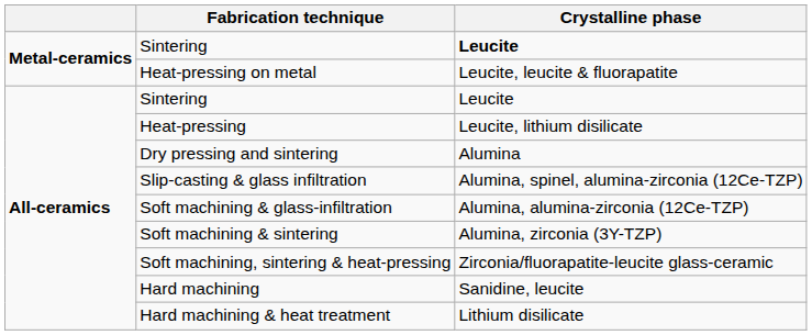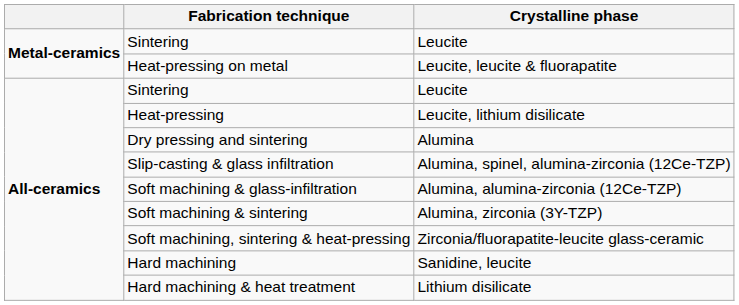 <table class="wikitable">
 <tr>
 <th></th>
 <th>Fabrication technique</th>
 <th>Crystalline phase</th>
 </tr>
 <tr>
 <td rowspan="2"><strong>Metal-ceramics</strong></td>
 <td>Sintering</td>
-<td><strong>Leucite</strong></td>
+<td>Leucite</td>
 </tr>
 <tr>
 <td>Heat-pressing on metal</td>
 <td>Leucite, leucite & fluorapatite</td>
 </tr>
 <tr>
 <td rowspan="9"><strong>All-ceramics</strong></td>
 <td>Sintering</td>
 <td>Leucite</td>
 </tr>
 <tr>
 <td>Heat-pressing</td>
 <td>Leucite, lithium disilicate</td>
 </tr>
 <tr>
 <td>Dry pressing and sintering</td>
 <td>Alumina</td>
 </tr>
 <tr>
 <td>Slip-casting & glass infiltration</td>
 <td>Alumina, spinel, alumina-zirconia (12Ce-TZP)</td>
 </tr>
 <tr>
 <td>Soft machining & glass-infiltration</td>
 <td>Alumina, alumina-zirconia (12Ce-TZP)</td>
 </tr>
 <tr>
 <td>Soft machining & sintering</td>
 <td>Alumina, zirconia (3Y-TZP)</td>
 </tr>
 <tr>
 <td>Soft machining, sintering & heat-pressing</td>
 <td>Zirconia/fluorapatite-leucite glass-ceramic</td>
 </tr>
 <tr>
 <td>Hard machining</td>
 <td>Sanidine, leucite</td>
 </tr>
 <tr>
 <td>Hard machining & heat treatment</td>
 <td>Lithium disilicate</td>
 </tr>
 </table>
